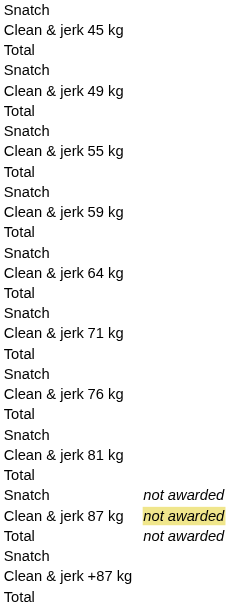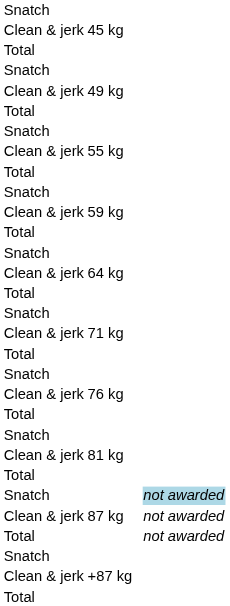 <table>
 <tr>
 <td>Snatch</td>
 <td rowspan=3>45 kg</td>
 <td></td>
 <td></td>
 <td nowrap></td>
 </tr>
 <tr>
 <td>Clean & jerk</td>
 <td></td>
 <td nowrap></td>
 <td></td>
 </tr>
 <tr>
 <td>Total</td>
 <td></td>
 <td></td>
 <td></td>
 </tr>
 <tr>
 <td>Snatch</td>
 <td rowspan=3>49 kg</td>
 <td nowrap></td>
 <td></td>
 <td></td>
 </tr>
 <tr>
 <td>Clean & jerk</td>
 <td></td>
 <td></td>
 <td nowrap></td>
 </tr>
 <tr>
 <td>Total</td>
 <td></td>
 <td></td>
 <td></td>
 </tr>
 <tr>
 <td>Snatch</td>
 <td rowspan=3>55 kg</td>
 <td></td>
 <td></td>
 <td></td>
 </tr>
 <tr>
 <td>Clean & jerk</td>
 <td></td>
 <td></td>
 <td></td>
 </tr>
 <tr>
 <td>Total</td>
 <td></td>
 <td></td>
 <td></td>
 </tr>
 <tr>
 <td>Snatch</td>
 <td rowspan=3>59 kg</td>
 <td></td>
 <td></td>
 <td></td>
 </tr>
 <tr>
 <td>Clean & jerk</td>
 <td></td>
 <td></td>
 <td></td>
 </tr>
 <tr>
 <td>Total</td>
 <td></td>
 <td></td>
 <td></td>
 </tr>
 <tr>
 <td>Snatch</td>
 <td rowspan=3>64 kg</td>
 <td></td>
 <td></td>
 <td></td>
 </tr>
 <tr>
 <td>Clean & jerk</td>
 <td></td>
 <td></td>
 <td></td>
 </tr>
 <tr>
 <td>Total</td>
 <td></td>
 <td></td>
 <td></td>
 </tr>
 <tr>
 <td>Snatch</td>
 <td rowspan=3>71 kg</td>
 <td></td>
 <td></td>
 <td></td>
 </tr>
 <tr>
 <td>Clean & jerk</td>
 <td></td>
 <td></td>
 <td></td>
 </tr>
 <tr>
 <td>Total</td>
 <td></td>
 <td></td>
 <td></td>
 </tr>
 <tr>
 <td>Snatch</td>
 <td rowspan=3>76 kg</td>
 <td></td>
 <td></td>
 <td></td>
 </tr>
 <tr>
 <td>Clean & jerk</td>
 <td></td>
 <td></td>
 <td></td>
 </tr>
 <tr>
 <td>Total</td>
 <td></td>
 <td></td>
 <td></td>
 </tr>
 <tr>
 <td>Snatch</td>
 <td rowspan=3>81 kg</td>
 <td></td>
 <td></td>
 <td></td>
 </tr>
 <tr>
 <td>Clean & jerk</td>
 <td></td>
 <td></td>
 <td></td>
 </tr>
 <tr>
 <td>Total</td>
 <td></td>
 <td></td>
 <td></td>
 </tr>
 <tr>
 <td>Snatch</td>
 <td rowspan=3>87 kg</td>
 <td></td>
 <td></td>
-<td><em>not awarded</em></td>
+<td style="background: lightblue;"><em>not awarded</em></td>
 </tr>
 <tr>
 <td>Clean & jerk</td>
 <td></td>
 <td></td>
-<td style="background: khaki;"><em>not awarded</em></td>
+<td><em>not awarded</em></td>
 </tr>
 <tr>
 <td>Total</td>
 <td></td>
 <td></td>
 <td><em>not awarded</em></td>
 </tr>
 <tr>
 <td>Snatch</td>
 <td rowspan=3>+87 kg</td>
 <td></td>
 <td></td>
 <td></td>
 </tr>
 <tr>
 <td>Clean & jerk</td>
 <td></td>
 <td></td>
 <td></td>
 </tr>
 <tr>
 <td>Total</td>
 <td></td>
 <td></td>
 <td></td>
 </tr>
 </table>
